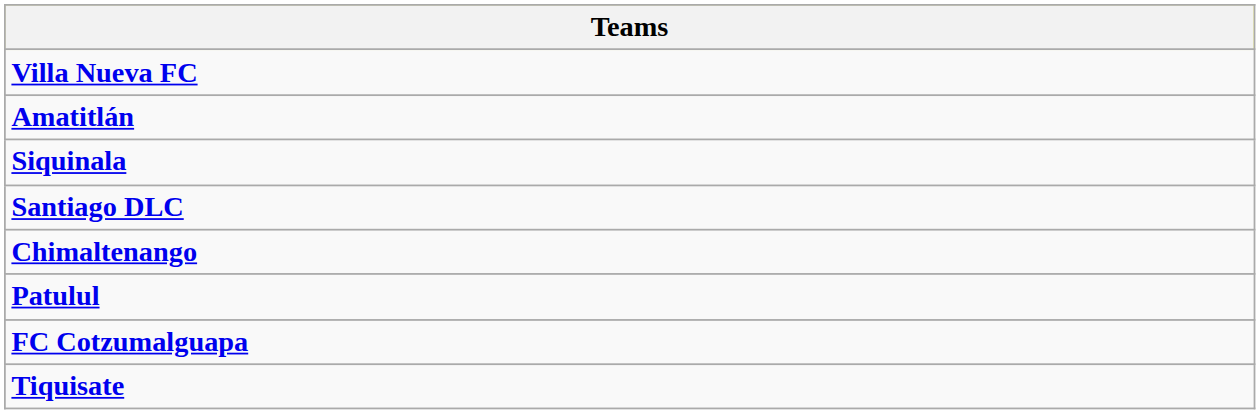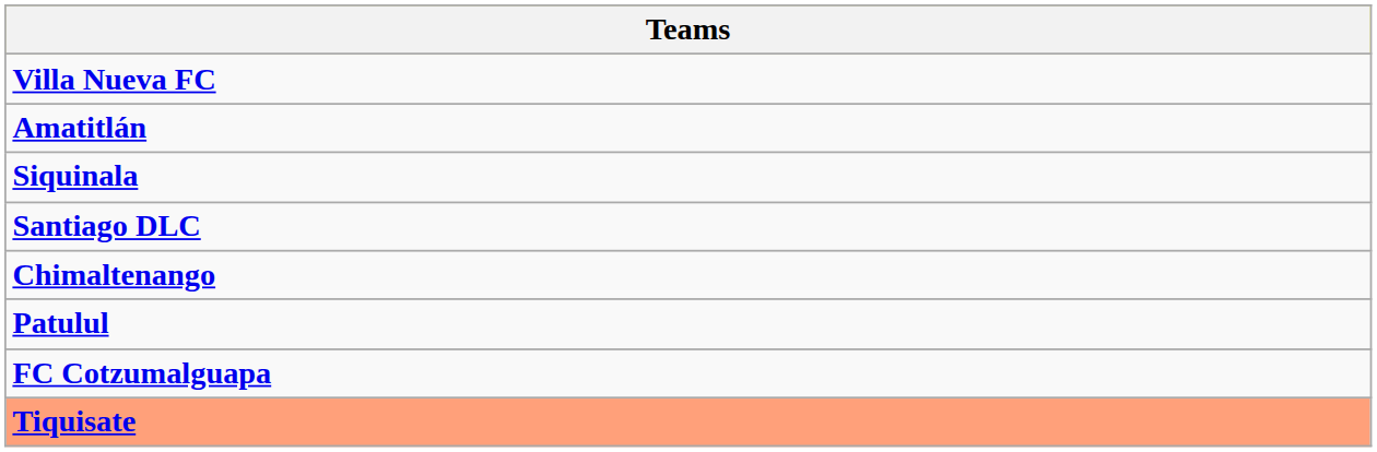 <table class="wikitable">
 <tr bgcolor=yellow align="center">
 <th width= 20%>Teams</th>
 </tr>
 <tr>
 <td><strong><a href='#'>Villa Nueva FC</a></strong></td>
 </tr>
 <tr>
 <td><strong><a href='#'>Amatitlán</a></strong></td>
 </tr>
 <tr>
 <td><strong><a href='#'>Siquinala</a></strong></td>
 </tr>
 <tr>
 <td><strong><a href='#'>Santiago DLC</a></strong></td>
 </tr>
 <tr>
 <td><strong><a href='#'>Chimaltenango</a></strong></td>
 </tr>
 <tr>
 <td><strong><a href='#'>Patulul</a></strong></td>
 </tr>
 <tr>
 <td><strong><a href='#'>FC Cotzumalguapa</a></strong></td>
 </tr>
 <tr>
-<td><strong><a href='#'>Tiquisate</a></strong></td>
+<td style="background: lightsalmon;"><strong><a href='#'>Tiquisate</a></strong></td>
 </tr>
 </table>
